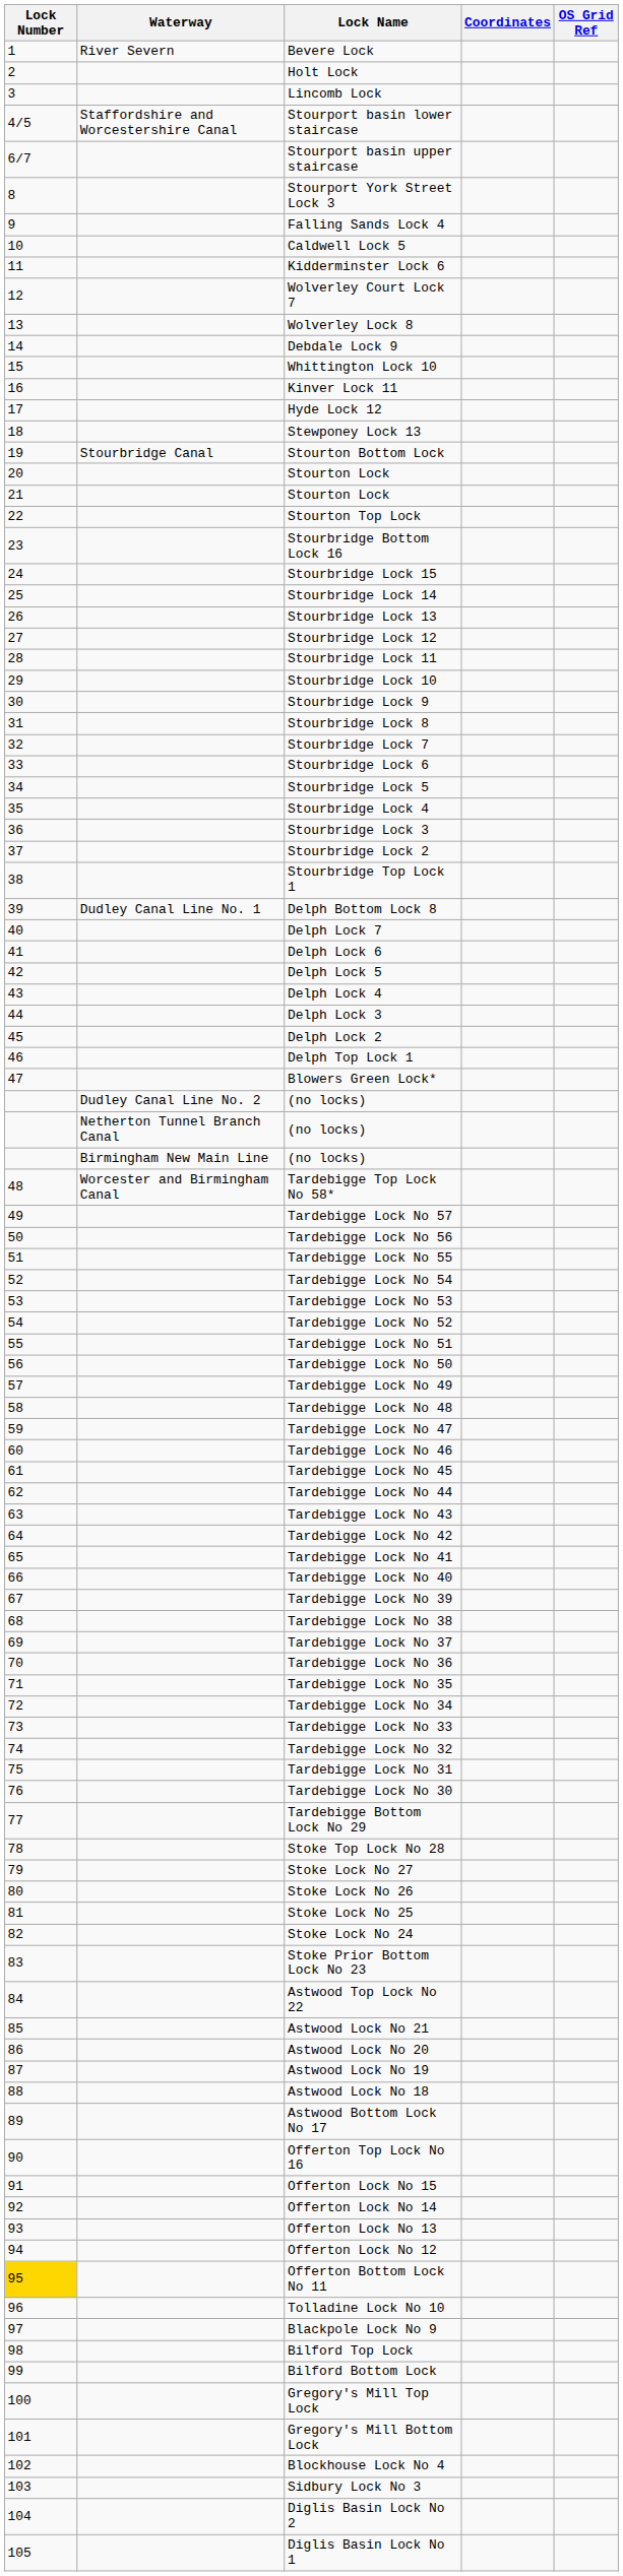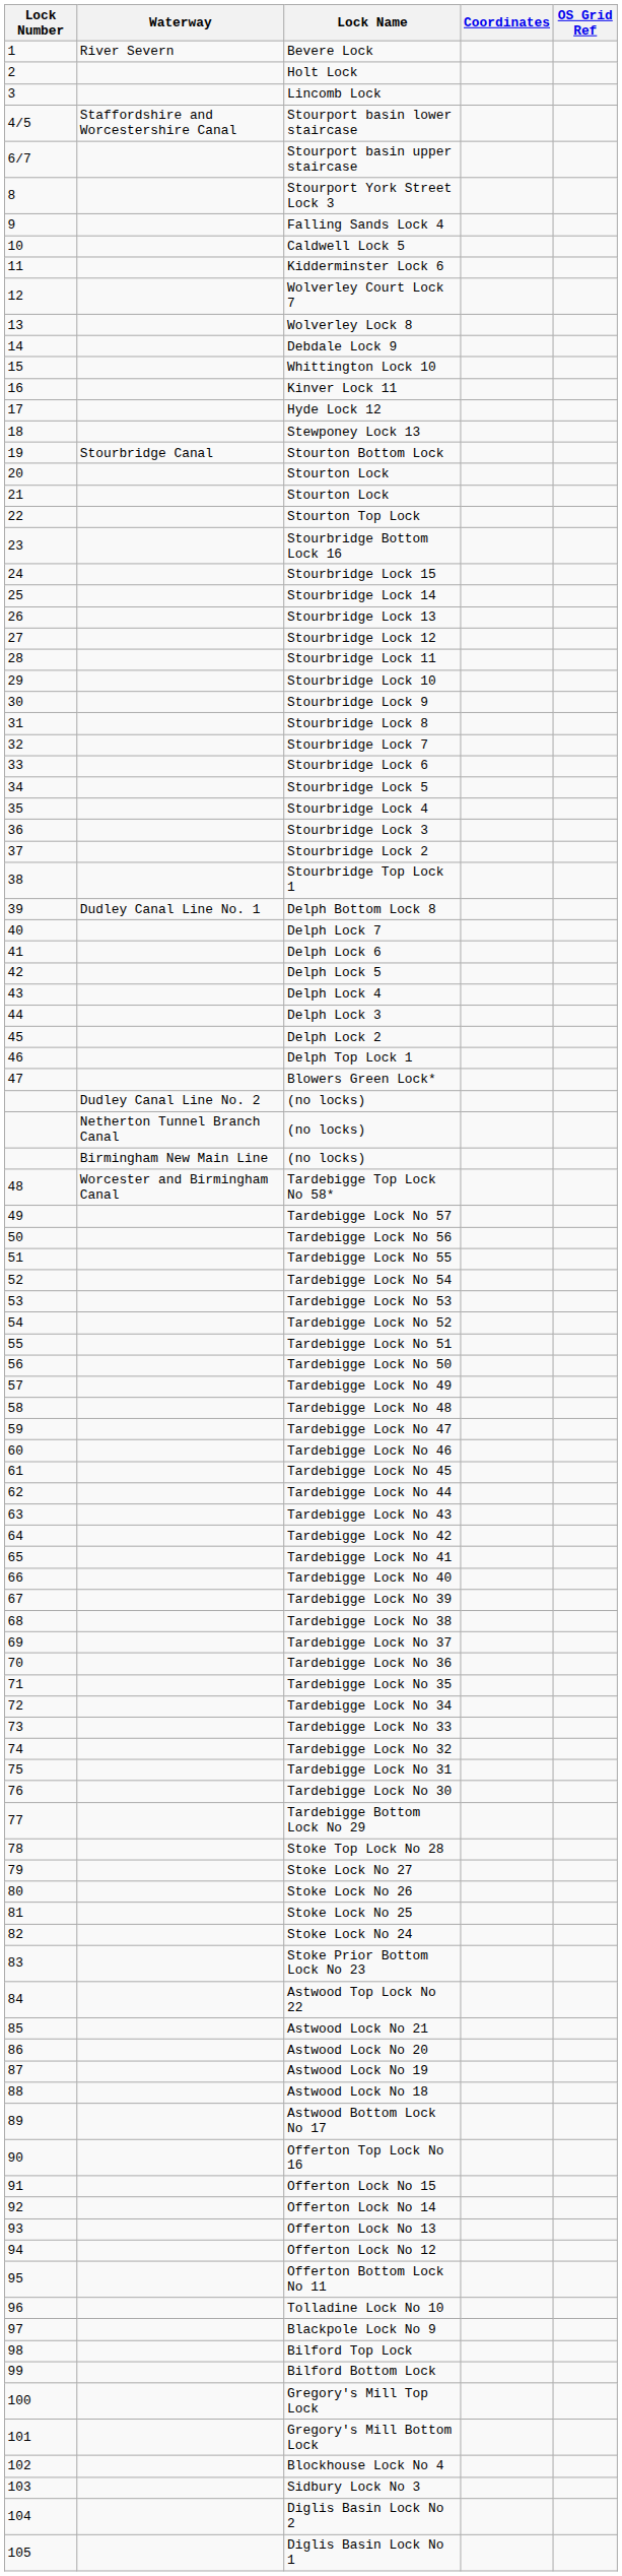 <table class="wikitable">
 <tr>
 <th>Lock Number</th>
 <th>Waterway</th>
 <th>Lock Name</th>
 <th><a href='#'>Coordinates</a></th>
 <th><a href='#'>OS Grid Ref</a></th>
 </tr>
 <tr>
 <td>1</td>
 <td>River Severn</td>
 <td>Bevere Lock</td>
 <td></td>
 <td></td>
 </tr>
 <tr>
 <td>2</td>
 <td></td>
 <td>Holt Lock</td>
 <td></td>
 <td></td>
 </tr>
 <tr>
 <td>3</td>
 <td></td>
 <td>Lincomb Lock</td>
 <td></td>
 <td></td>
 </tr>
 <tr>
 <td>4/5</td>
 <td>Staffordshire and Worcestershire Canal</td>
 <td>Stourport basin lower staircase</td>
 <td></td>
 <td></td>
 </tr>
 <tr>
 <td>6/7</td>
 <td></td>
 <td>Stourport basin upper staircase</td>
 <td></td>
 <td></td>
 </tr>
 <tr>
 <td>8</td>
 <td></td>
 <td>Stourport York Street Lock 3</td>
 <td></td>
 <td></td>
 </tr>
 <tr>
 <td>9</td>
 <td></td>
 <td>Falling Sands Lock 4</td>
 <td></td>
 <td></td>
 </tr>
 <tr>
 <td>10</td>
 <td></td>
 <td>Caldwell Lock 5</td>
 <td></td>
 <td></td>
 </tr>
 <tr>
 <td>11</td>
 <td></td>
 <td>Kidderminster Lock 6</td>
 <td></td>
 <td></td>
 </tr>
 <tr>
 <td>12</td>
 <td></td>
 <td>Wolverley Court Lock 7</td>
 <td></td>
 <td></td>
 </tr>
 <tr>
 <td>13</td>
 <td></td>
 <td>Wolverley Lock 8</td>
 <td></td>
 <td></td>
 </tr>
 <tr>
 <td>14</td>
 <td></td>
 <td>Debdale Lock 9</td>
 <td></td>
 <td></td>
 </tr>
 <tr>
 <td>15</td>
 <td></td>
 <td>Whittington Lock 10</td>
 <td></td>
 <td></td>
 </tr>
 <tr>
 <td>16</td>
 <td></td>
 <td>Kinver Lock 11</td>
 <td></td>
 <td></td>
 </tr>
 <tr>
 <td>17</td>
 <td></td>
 <td>Hyde Lock 12</td>
 <td></td>
 <td></td>
 </tr>
 <tr>
 <td>18</td>
 <td></td>
 <td>Stewponey Lock 13</td>
 <td></td>
 <td></td>
 </tr>
 <tr>
 <td>19</td>
 <td>Stourbridge Canal</td>
 <td>Stourton Bottom Lock</td>
 <td></td>
 <td></td>
 </tr>
 <tr>
 <td>20</td>
 <td></td>
 <td>Stourton Lock</td>
 <td></td>
 <td></td>
 </tr>
 <tr>
 <td>21</td>
 <td></td>
 <td>Stourton Lock</td>
 <td></td>
 <td></td>
 </tr>
 <tr>
 <td>22</td>
 <td></td>
 <td>Stourton Top Lock</td>
 <td></td>
 <td></td>
 </tr>
 <tr>
 <td>23</td>
 <td></td>
 <td>Stourbridge Bottom Lock 16</td>
 <td></td>
 <td></td>
 </tr>
 <tr>
 <td>24</td>
 <td></td>
 <td>Stourbridge Lock 15</td>
 <td></td>
 <td></td>
 </tr>
 <tr>
 <td>25</td>
 <td></td>
 <td>Stourbridge Lock 14</td>
 <td></td>
 <td></td>
 </tr>
 <tr>
 <td>26</td>
 <td></td>
 <td>Stourbridge Lock 13</td>
 <td></td>
 <td></td>
 </tr>
 <tr>
 <td>27</td>
 <td></td>
 <td>Stourbridge Lock 12</td>
 <td></td>
 <td></td>
 </tr>
 <tr>
 <td>28</td>
 <td></td>
 <td>Stourbridge Lock 11</td>
 <td></td>
 <td></td>
 </tr>
 <tr>
 <td>29</td>
 <td></td>
 <td>Stourbridge Lock 10</td>
 <td></td>
 <td></td>
 </tr>
 <tr>
 <td>30</td>
 <td></td>
 <td>Stourbridge Lock 9</td>
 <td></td>
 <td></td>
 </tr>
 <tr>
 <td>31</td>
 <td></td>
 <td>Stourbridge Lock 8</td>
 <td></td>
 <td></td>
 </tr>
 <tr>
 <td>32</td>
 <td></td>
 <td>Stourbridge Lock 7</td>
 <td></td>
 <td></td>
 </tr>
 <tr>
 <td>33</td>
 <td></td>
 <td>Stourbridge Lock 6</td>
 <td></td>
 <td></td>
 </tr>
 <tr>
 <td>34</td>
 <td></td>
 <td>Stourbridge Lock 5</td>
 <td></td>
 <td></td>
 </tr>
 <tr>
 <td>35</td>
 <td></td>
 <td>Stourbridge Lock 4</td>
 <td></td>
 <td></td>
 </tr>
 <tr>
 <td>36</td>
 <td></td>
 <td>Stourbridge Lock 3</td>
 <td></td>
 <td></td>
 </tr>
 <tr>
 <td>37</td>
 <td></td>
 <td>Stourbridge Lock 2</td>
 <td></td>
 <td></td>
 </tr>
 <tr>
 <td>38</td>
 <td></td>
 <td>Stourbridge Top Lock 1</td>
 <td></td>
 <td></td>
 </tr>
 <tr>
 <td>39</td>
 <td>Dudley Canal Line No. 1</td>
 <td>Delph Bottom Lock 8</td>
 <td></td>
 <td></td>
 </tr>
 <tr>
 <td>40</td>
 <td></td>
 <td>Delph Lock 7</td>
 <td></td>
 <td></td>
 </tr>
 <tr>
 <td>41</td>
 <td></td>
 <td>Delph  Lock 6</td>
 <td></td>
 <td></td>
 </tr>
 <tr>
 <td>42</td>
 <td></td>
 <td>Delph  Lock 5</td>
 <td></td>
 <td></td>
 </tr>
 <tr>
 <td>43</td>
 <td></td>
 <td>Delph  Lock 4</td>
 <td></td>
 <td></td>
 </tr>
 <tr>
 <td>44</td>
 <td></td>
 <td>Delph  Lock 3</td>
 <td></td>
 <td></td>
 </tr>
 <tr>
 <td>45</td>
 <td></td>
 <td>Delph  Lock 2</td>
 <td></td>
 <td></td>
 </tr>
 <tr>
 <td>46</td>
 <td></td>
 <td>Delph Top Lock 1</td>
 <td></td>
 <td></td>
 </tr>
 <tr>
 <td>47</td>
 <td></td>
 <td>Blowers Green Lock*</td>
 <td></td>
 <td></td>
 </tr>
 <tr>
 <td></td>
 <td>Dudley Canal Line No. 2</td>
 <td>(no locks)</td>
 <td></td>
 <td></td>
 </tr>
 <tr>
 <td></td>
 <td>Netherton Tunnel Branch Canal</td>
 <td>(no locks)</td>
 <td></td>
 <td></td>
 </tr>
 <tr>
 <td></td>
 <td>Birmingham New Main Line</td>
 <td>(no locks)</td>
 <td></td>
 <td></td>
 </tr>
 <tr>
 <td>48</td>
 <td>Worcester and Birmingham Canal</td>
 <td>Tardebigge Top Lock No 58*</td>
 <td></td>
 <td></td>
 </tr>
 <tr>
 <td>49</td>
 <td></td>
 <td>Tardebigge Lock No 57</td>
 <td></td>
 <td></td>
 </tr>
 <tr>
 <td>50</td>
 <td></td>
 <td>Tardebigge Lock No 56</td>
 <td></td>
 <td></td>
 </tr>
 <tr>
 <td>51</td>
 <td></td>
 <td>Tardebigge Lock No 55</td>
 <td></td>
 <td></td>
 </tr>
 <tr>
 <td>52</td>
 <td></td>
 <td>Tardebigge Lock No 54</td>
 <td></td>
 <td></td>
 </tr>
 <tr>
 <td>53</td>
 <td></td>
 <td>Tardebigge Lock No 53</td>
 <td></td>
 <td></td>
 </tr>
 <tr>
 <td>54</td>
 <td></td>
 <td>Tardebigge Lock No 52</td>
 <td></td>
 <td></td>
 </tr>
 <tr>
 <td>55</td>
 <td></td>
 <td>Tardebigge Lock No 51</td>
 <td></td>
 <td></td>
 </tr>
 <tr>
 <td>56</td>
 <td></td>
 <td>Tardebigge Lock No 50</td>
 <td></td>
 <td></td>
 </tr>
 <tr>
 <td>57</td>
 <td></td>
 <td>Tardebigge Lock No 49</td>
 <td></td>
 <td></td>
 </tr>
 <tr>
 <td>58</td>
 <td></td>
 <td>Tardebigge Lock No 48</td>
 <td></td>
 <td></td>
 </tr>
 <tr>
 <td>59</td>
 <td></td>
 <td>Tardebigge Lock No 47</td>
 <td></td>
 <td></td>
 </tr>
 <tr>
 <td>60</td>
 <td></td>
 <td>Tardebigge Lock No 46</td>
 <td></td>
 <td></td>
 </tr>
 <tr>
 <td>61</td>
 <td></td>
 <td>Tardebigge Lock No 45</td>
 <td></td>
 <td></td>
 </tr>
 <tr>
 <td>62</td>
 <td></td>
 <td>Tardebigge Lock No 44</td>
 <td></td>
 <td></td>
 </tr>
 <tr>
 <td>63</td>
 <td></td>
 <td>Tardebigge Lock No 43</td>
 <td></td>
 <td></td>
 </tr>
 <tr>
 <td>64</td>
 <td></td>
 <td>Tardebigge Lock No 42</td>
 <td></td>
 <td></td>
 </tr>
 <tr>
 <td>65</td>
 <td></td>
 <td>Tardebigge Lock No 41</td>
 <td></td>
 <td></td>
 </tr>
 <tr>
 <td>66</td>
 <td></td>
 <td>Tardebigge Lock No 40</td>
 <td></td>
 <td></td>
 </tr>
 <tr>
 <td>67</td>
 <td></td>
 <td>Tardebigge Lock No 39</td>
 <td></td>
 <td></td>
 </tr>
 <tr>
 <td>68</td>
 <td></td>
 <td>Tardebigge Lock No 38</td>
 <td></td>
 <td></td>
 </tr>
 <tr>
 <td>69</td>
 <td></td>
 <td>Tardebigge Lock No 37</td>
 <td></td>
 <td></td>
 </tr>
 <tr>
 <td>70</td>
 <td></td>
 <td>Tardebigge Lock No 36</td>
 <td></td>
 <td></td>
 </tr>
 <tr>
 <td>71</td>
 <td></td>
 <td>Tardebigge Lock No 35</td>
 <td></td>
 <td></td>
 </tr>
 <tr>
 <td>72</td>
 <td></td>
 <td>Tardebigge Lock No 34</td>
 <td></td>
 <td></td>
 </tr>
 <tr>
 <td>73</td>
 <td></td>
 <td>Tardebigge Lock No 33</td>
 <td></td>
 <td></td>
 </tr>
 <tr>
 <td>74</td>
 <td></td>
 <td>Tardebigge Lock No 32</td>
 <td></td>
 <td></td>
 </tr>
 <tr>
 <td>75</td>
 <td></td>
 <td>Tardebigge Lock No 31</td>
 <td></td>
 <td></td>
 </tr>
 <tr>
 <td>76</td>
 <td></td>
 <td>Tardebigge Lock No 30</td>
 <td></td>
 <td></td>
 </tr>
 <tr>
 <td>77</td>
 <td></td>
 <td>Tardebigge Bottom Lock No 29</td>
 <td></td>
 <td></td>
 </tr>
 <tr>
 <td>78</td>
 <td></td>
 <td>Stoke Top Lock No 28</td>
 <td></td>
 <td></td>
 </tr>
 <tr>
 <td>79</td>
 <td></td>
 <td>Stoke Lock No 27</td>
 <td></td>
 <td></td>
 </tr>
 <tr>
 <td>80</td>
 <td></td>
 <td>Stoke Lock No 26</td>
 <td></td>
 <td></td>
 </tr>
 <tr>
 <td>81</td>
 <td></td>
 <td>Stoke Lock No 25</td>
 <td></td>
 <td></td>
 </tr>
 <tr>
 <td>82</td>
 <td></td>
 <td>Stoke Lock No 24</td>
 <td></td>
 <td></td>
 </tr>
 <tr>
 <td>83</td>
 <td></td>
 <td>Stoke Prior Bottom Lock No 23</td>
 <td></td>
 <td></td>
 </tr>
 <tr>
 <td>84</td>
 <td></td>
 <td>Astwood Top Lock No 22</td>
 <td></td>
 <td></td>
 </tr>
 <tr>
 <td>85</td>
 <td></td>
 <td>Astwood Lock No 21</td>
 <td></td>
 <td></td>
 </tr>
 <tr>
 <td>86</td>
 <td></td>
 <td>Astwood Lock No 20</td>
 <td></td>
 <td></td>
 </tr>
 <tr>
 <td>87</td>
 <td></td>
 <td>Astwood Lock No 19</td>
 <td></td>
 <td></td>
 </tr>
 <tr>
 <td>88</td>
 <td></td>
 <td>Astwood Lock No 18</td>
 <td></td>
 <td></td>
 </tr>
 <tr>
 <td>89</td>
 <td></td>
 <td>Astwood Bottom Lock No 17</td>
 <td></td>
 <td></td>
 </tr>
 <tr>
 <td>90</td>
 <td></td>
 <td>Offerton Top Lock No 16</td>
 <td></td>
 <td></td>
 </tr>
 <tr>
 <td>91</td>
 <td></td>
 <td>Offerton Lock No 15</td>
 <td></td>
 <td></td>
 </tr>
 <tr>
 <td>92</td>
 <td></td>
 <td>Offerton Lock No 14</td>
 <td></td>
 <td></td>
 </tr>
 <tr>
 <td>93</td>
 <td></td>
 <td>Offerton Lock No 13</td>
 <td></td>
 <td></td>
 </tr>
 <tr>
 <td>94</td>
 <td></td>
 <td>Offerton Lock No 12</td>
 <td></td>
 <td></td>
 </tr>
 <tr>
-<td style="background: gold;">95</td>
+<td>95</td>
 <td></td>
 <td>Offerton Bottom Lock No 11</td>
 <td></td>
 <td></td>
 </tr>
 <tr>
 <td>96</td>
 <td></td>
 <td>Tolladine Lock No 10</td>
 <td></td>
 <td></td>
 </tr>
 <tr>
 <td>97</td>
 <td></td>
 <td>Blackpole Lock No 9</td>
 <td></td>
 <td></td>
 </tr>
 <tr>
 <td>98</td>
 <td></td>
 <td>Bilford Top Lock</td>
 <td></td>
 <td></td>
 </tr>
 <tr>
 <td>99</td>
 <td></td>
 <td>Bilford Bottom Lock</td>
 <td></td>
 <td></td>
 </tr>
 <tr>
 <td>100</td>
 <td></td>
 <td>Gregory's Mill Top Lock</td>
 <td></td>
 <td></td>
 </tr>
 <tr>
 <td>101</td>
 <td></td>
 <td>Gregory's Mill Bottom Lock</td>
 <td></td>
 <td></td>
 </tr>
 <tr>
 <td>102</td>
 <td></td>
 <td>Blockhouse Lock No 4</td>
 <td></td>
 <td></td>
 </tr>
 <tr>
 <td>103</td>
 <td></td>
 <td>Sidbury Lock No 3</td>
 <td></td>
 <td></td>
 </tr>
 <tr>
 <td>104</td>
 <td></td>
 <td>Diglis Basin Lock No 2</td>
 <td></td>
 <td></td>
 </tr>
 <tr>
 <td>105</td>
 <td></td>
 <td>Diglis Basin Lock No 1</td>
 <td></td>
 <td></td>
 </tr>
 </table>
